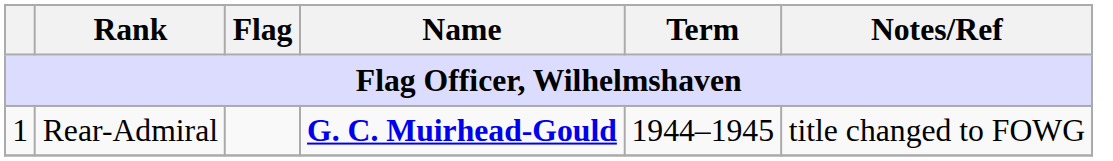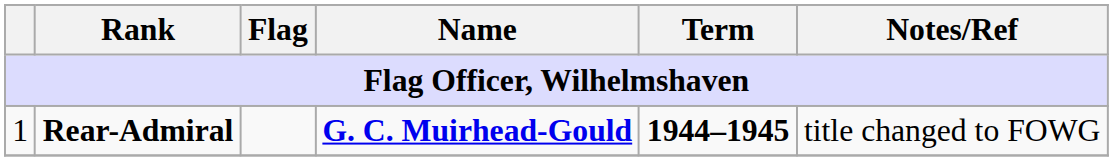 <table class="wikitable">
 <tr>
 <th></th>
 <th>Rank</th>
 <th>Flag</th>
 <th>Name</th>
 <th>Term</th>
 <th>Notes/Ref</th>
 </tr>
 <tr>
 <td colspan="6" align="center" style="background:#dcdcfe;"><strong>Flag Officer, Wilhelmshaven</strong></td>
 </tr>
 <tr>
 <td>1</td>
-<td>Rear-Admiral</td>
+<td><strong>Rear-Admiral</strong></td>
 <td></td>
 <td><strong><a href='#'>G. C. Muirhead-Gould</a></strong></td>
-<td>1944–1945</td>
+<td><strong>1944–1945</strong></td>
 <td> title changed to FOWG</td>
 </tr>
 <tr>
 </tr>
 </table>
